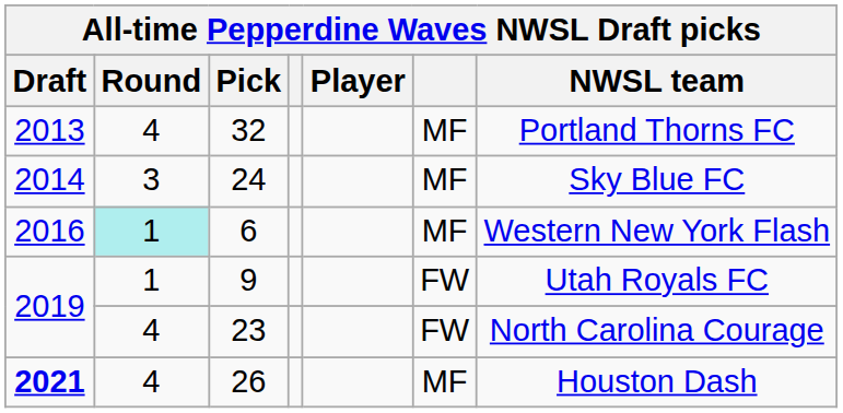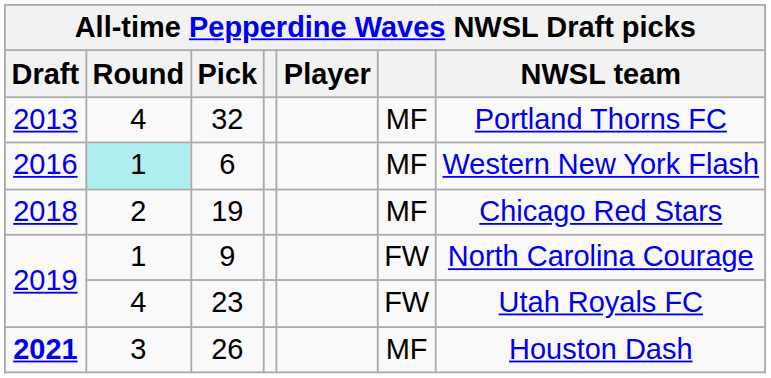 <table class="wikitable sortable" style="text-align: center;">
 <tr>
 <th colspan="7" style="background:#">All-time <a href='#'><span>Pepperdine Waves</span></a> NWSL Draft picks</th>
 </tr>
 <tr>
 <th scope="col">Draft</th>
 <th scope="col">Round</th>
 <th scope="col">Pick</th>
 <th scope="col"></th>
 <th scope="col">Player</th>
 <th scope="col"></th>
 <th scope="col">NWSL team</th>
 </tr>
 <tr>
 <td><a href='#'>2013</a></td>
 <td>4</td>
 <td>32</td>
 <td></td>
 <td></td>
 <td>MF</td>
 <td><a href='#'>Portland Thorns FC</a></td>
 </tr>
 <tr>
-<td><a href='#'>2014</a></td>
-<td>3</td>
-<td>24</td>
-<td></td>
-<td></td>
-<td>MF</td>
-<td><a href='#'>Sky Blue FC</a></td>
-</tr>
-<tr>
 <td><a href='#'>2016</a></td>
 <td style="background: paleturquoise;">1</td>
 <td>6</td>
 <td></td>
 <td></td>
 <td>MF</td>
 <td><a href='#'>Western New York Flash</a></td>
 </tr>
 <tr>
+<td><a href='#'>2018</a></td>
+<td>2</td>
+<td>19</td>
+<td></td>
+<td></td>
+<td>MF</td>
+<td><a href='#'>Chicago Red Stars</a></td>
+</tr>
+<tr>
 <td rowspan="2"><a href='#'>2019</a></td>
 <td>1</td>
 <td>9</td>
 <td></td>
 <td></td>
 <td>FW</td>
-<td><a href='#'>Utah Royals FC</a></td>
+<td><a href='#'>North Carolina Courage</a></td>
 </tr>
 <tr>
 <td>4</td>
 <td>23</td>
 <td></td>
 <td></td>
 <td>FW</td>
-<td><a href='#'>North Carolina Courage</a></td>
+<td><a href='#'>Utah Royals FC</a></td>
 </tr>
 <tr>
 <td><strong><a href='#'>2021</a></strong></td>
-<td>4</td>
+<td>3</td>
 <td>26</td>
 <td></td>
 <td></td>
 <td>MF</td>
 <td><a href='#'>Houston Dash</a></td>
 </tr>
 </table>
